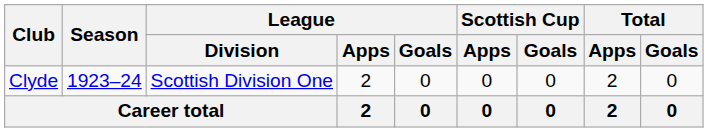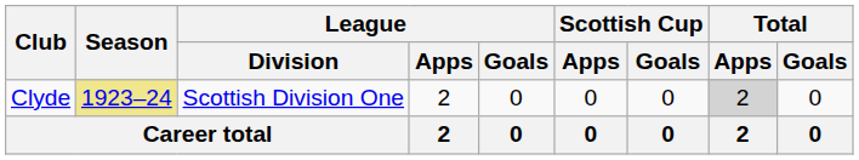 <table class="wikitable" style="text-align: center;">
 <tr>
 <th rowspan="2">Club</th>
 <th rowspan="2">Season</th>
 <th colspan="3">League</th>
 <th colspan="2">Scottish Cup</th>
 <th colspan="2">Total</th>
 </tr>
 <tr>
 <th>Division</th>
 <th>Apps</th>
 <th>Goals</th>
 <th>Apps</th>
 <th>Goals</th>
 <th>Apps</th>
 <th>Goals</th>
 </tr>
 <tr>
 <td><a href='#'>Clyde</a></td>
-<td><a href='#'>1923–24</a></td>
+<td style="background: khaki;"><a href='#'>1923–24</a></td>
 <td><a href='#'>Scottish Division One</a></td>
 <td>2</td>
 <td>0</td>
 <td>0</td>
 <td>0</td>
-<td>2</td>
+<td style="background: lightgrey;">2</td>
 <td>0</td>
 </tr>
 <tr>
 <th colspan="3">Career total</th>
 <th>2</th>
 <th>0</th>
 <th>0</th>
 <th>0</th>
 <th>2</th>
 <th>0</th>
 </tr>
 </table>
